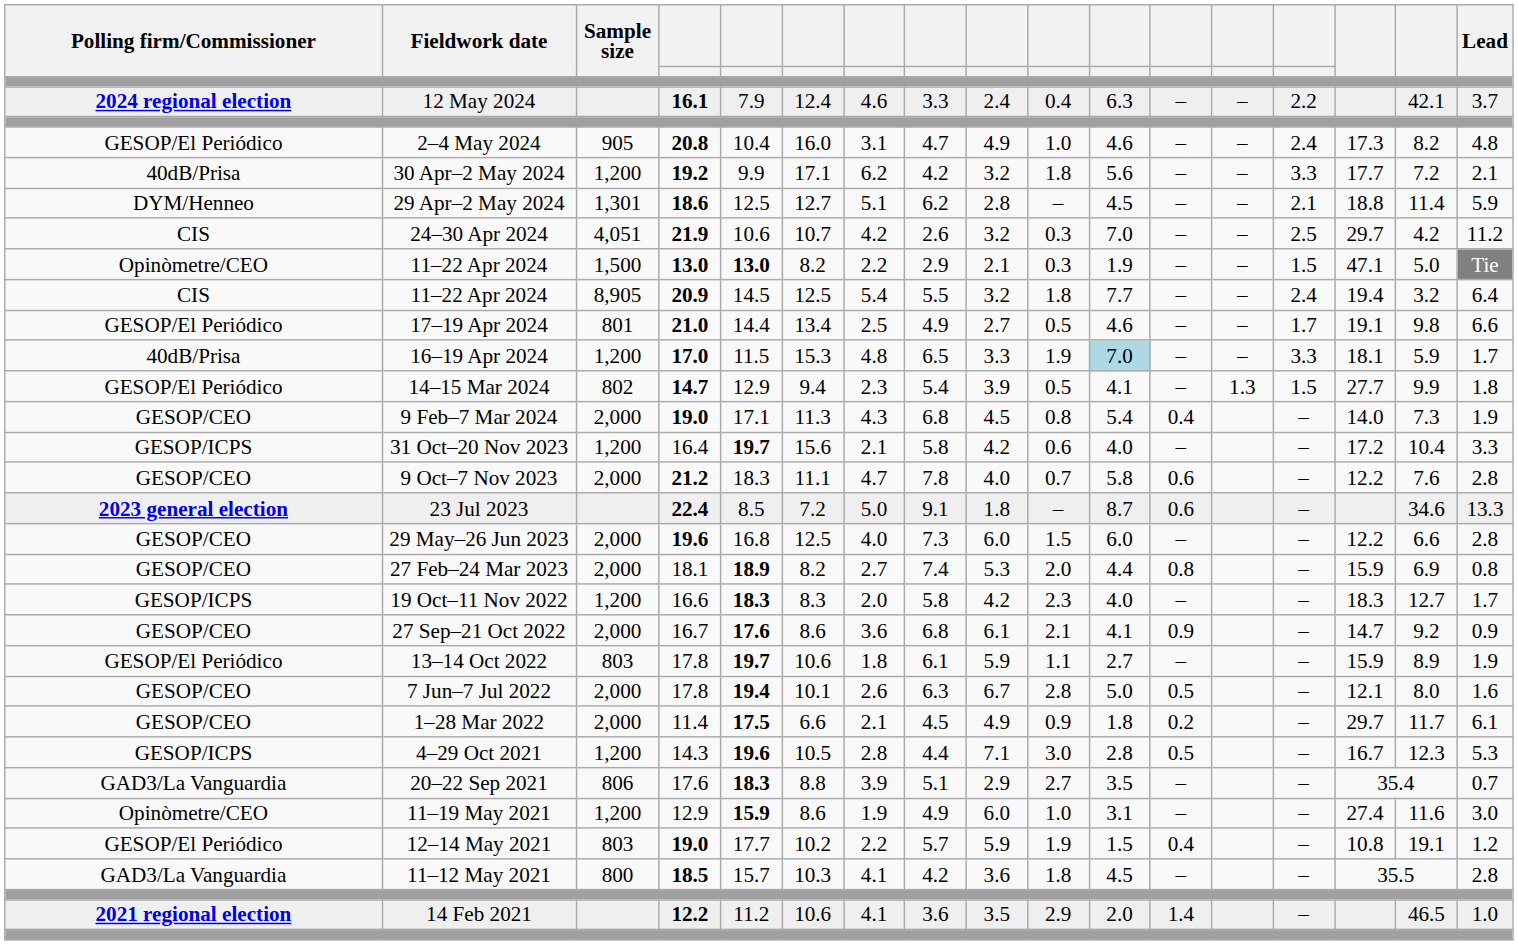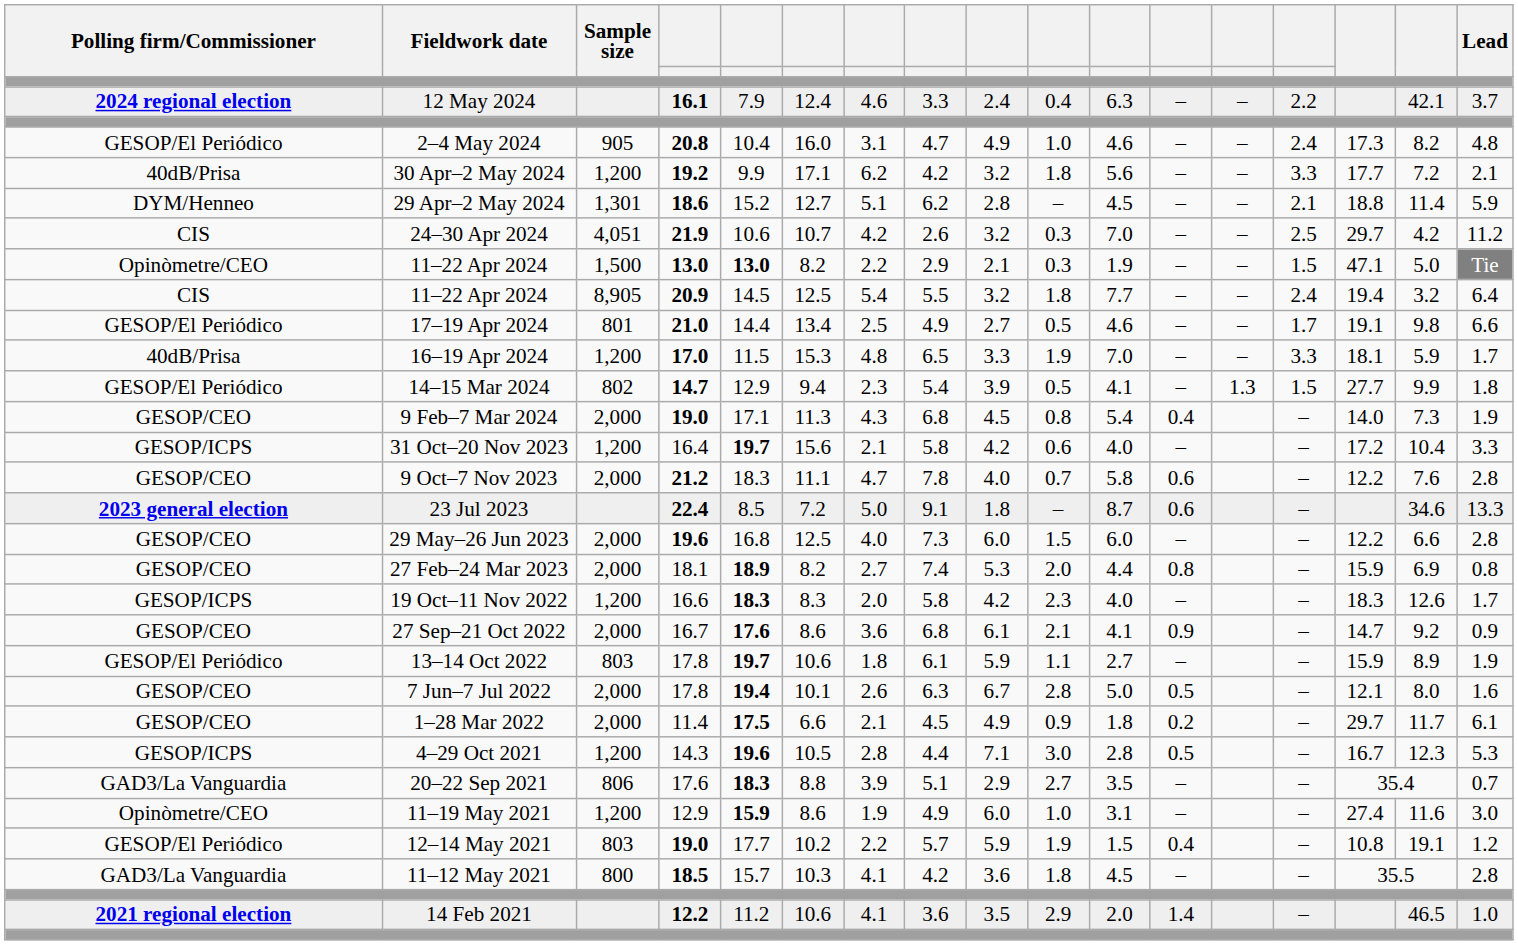 <table class="wikitable collapsible collapsed" style="text-align:center; font-size:90%; line-height:14px;">
 <tr style="height:42px;">
 <th style="width:250px;" rowspan="2">Polling firm/Commissioner</th>
 <th style="width:125px;" rowspan="2">Fieldwork date</th>
 <th style="width:50px;" rowspan="2">Sample size</th>
 <th style="width:35px;"></th>
 <th style="width:35px;"></th>
 <th style="width:35px;"></th>
 <th style="width:35px;"></th>
 <th style="width:35px;"><br></th>
 <th style="width:35px;"></th>
 <th style="width:35px;"></th>
 <th style="width:35px;"></th>
 <th style="width:35px;"></th>
 <th style="width:35px;"></th>
 <th style="width:35px;"></th>
 <th style="width:35px;" rowspan="2"></th>
 <th style="width:35px;" rowspan="2"></th>
 <th style="width:30px;" rowspan="2">Lead</th>
 </tr>
 <tr>
 <th style="color:inherit;background:"></th>
 <th style="color:inherit;background:"></th>
 <th style="color:inherit;background:"></th>
 <th style="color:inherit;background:"></th>
 <th style="color:inherit;background:"></th>
 <th style="color:inherit;background:"></th>
 <th style="color:inherit;background:"></th>
 <th style="color:inherit;background:"></th>
 <th style="color:inherit;background:"></th>
 <th style="color:inherit;background:"></th>
 <th style="color:inherit;background:"></th>
 </tr>
 <tr>
 <td colspan="17" style="background:#A0A0A0"></td>
 </tr>
 <tr style="background:#EFEFEF;">
 <td><strong><a href='#'>2024 regional election</a></strong></td>
 <td>12 May 2024</td>
 <td></td>
 <td><strong>16.1</strong></td>
 <td>7.9</td>
 <td>12.4</td>
 <td>4.6</td>
 <td>3.3</td>
 <td>2.4</td>
 <td>0.4</td>
 <td>6.3</td>
 <td>–</td>
 <td>–</td>
 <td>2.2</td>
 <td></td>
 <td>42.1</td>
 <td style="background:">3.7</td>
 </tr>
 <tr>
 <td colspan="17" style="background:#A0A0A0"></td>
 </tr>
 <tr>
 <td>GESOP/El Periódico</td>
 <td>2–4 May 2024</td>
 <td>905</td>
 <td><strong>20.8</strong></td>
 <td>10.4</td>
 <td>16.0</td>
 <td>3.1</td>
 <td>4.7</td>
 <td>4.9</td>
 <td>1.0</td>
 <td>4.6</td>
 <td>–</td>
 <td>–</td>
 <td>2.4</td>
 <td>17.3</td>
 <td>8.2</td>
 <td style="background:">4.8</td>
 </tr>
 <tr>
 <td>40dB/Prisa</td>
 <td>30 Apr–2 May 2024</td>
 <td>1,200</td>
 <td><strong>19.2</strong></td>
 <td>9.9</td>
 <td>17.1</td>
 <td>6.2</td>
 <td>4.2</td>
 <td>3.2</td>
 <td>1.8</td>
 <td>5.6</td>
 <td>–</td>
 <td>–</td>
 <td>3.3</td>
 <td>17.7</td>
 <td>7.2</td>
 <td style="background:">2.1</td>
 </tr>
 <tr>
 <td>DYM/Henneo</td>
 <td>29 Apr–2 May 2024</td>
 <td>1,301</td>
 <td><strong>18.6</strong></td>
-<td>12.5</td>
+<td>15.2</td>
 <td>12.7</td>
 <td>5.1</td>
 <td>6.2</td>
 <td>2.8</td>
 <td>–</td>
 <td>4.5</td>
 <td>–</td>
 <td>–</td>
 <td>2.1</td>
 <td>18.8</td>
 <td>11.4</td>
 <td style="background:">5.9</td>
 </tr>
 <tr>
 <td>CIS</td>
 <td>24–30 Apr 2024</td>
 <td>4,051</td>
 <td><strong>21.9</strong></td>
 <td>10.6</td>
 <td>10.7</td>
 <td>4.2</td>
 <td>2.6</td>
 <td>3.2</td>
 <td>0.3</td>
 <td>7.0</td>
 <td>–</td>
 <td>–</td>
 <td>2.5</td>
 <td>29.7</td>
 <td>4.2</td>
 <td style="background:">11.2</td>
 </tr>
 <tr>
 <td>Opinòmetre/CEO</td>
 <td>11–22 Apr 2024</td>
 <td>1,500</td>
 <td><strong>13.0</strong></td>
 <td><strong>13.0</strong></td>
 <td>8.2</td>
 <td>2.2</td>
 <td>2.9</td>
 <td>2.1</td>
 <td>0.3</td>
 <td>1.9</td>
 <td>–</td>
 <td>–</td>
 <td>1.5</td>
 <td>47.1</td>
 <td>5.0</td>
 <td style="background:gray; color:white;">Tie</td>
 </tr>
 <tr>
 <td>CIS</td>
 <td>11–22 Apr 2024</td>
 <td>8,905</td>
 <td><strong>20.9</strong></td>
 <td>14.5</td>
 <td>12.5</td>
 <td>5.4</td>
 <td>5.5</td>
 <td>3.2</td>
 <td>1.8</td>
 <td>7.7</td>
 <td>–</td>
 <td>–</td>
 <td>2.4</td>
 <td>19.4</td>
 <td>3.2</td>
 <td style="background:">6.4</td>
 </tr>
 <tr>
 <td>GESOP/El Periódico</td>
 <td>17–19 Apr 2024</td>
 <td>801</td>
 <td><strong>21.0</strong></td>
 <td>14.4</td>
 <td>13.4</td>
 <td>2.5</td>
 <td>4.9</td>
 <td>2.7</td>
 <td>0.5</td>
 <td>4.6</td>
 <td>–</td>
 <td>–</td>
 <td>1.7</td>
 <td>19.1</td>
 <td>9.8</td>
 <td style="background:">6.6</td>
 </tr>
 <tr>
 <td>40dB/Prisa</td>
 <td>16–19 Apr 2024</td>
 <td>1,200</td>
 <td><strong>17.0</strong></td>
 <td>11.5</td>
 <td>15.3</td>
 <td>4.8</td>
 <td>6.5</td>
 <td>3.3</td>
 <td>1.9</td>
-<td style="background: lightblue;">7.0</td>
+<td>7.0</td>
 <td>–</td>
 <td>–</td>
 <td>3.3</td>
 <td>18.1</td>
 <td>5.9</td>
 <td style="background:">1.7</td>
 </tr>
 <tr>
 <td>GESOP/El Periódico</td>
 <td>14–15 Mar 2024</td>
 <td>802</td>
 <td><strong>14.7</strong></td>
 <td>12.9</td>
 <td>9.4</td>
 <td>2.3</td>
 <td>5.4</td>
 <td>3.9</td>
 <td>0.5</td>
 <td>4.1</td>
 <td>–</td>
 <td>1.3</td>
 <td>1.5</td>
 <td>27.7</td>
 <td>9.9</td>
 <td style="background:">1.8</td>
 </tr>
 <tr>
 <td>GESOP/CEO</td>
 <td>9 Feb–7 Mar 2024</td>
 <td>2,000</td>
 <td><strong>19.0</strong></td>
 <td>17.1</td>
 <td>11.3</td>
 <td>4.3</td>
 <td>6.8</td>
 <td>4.5</td>
 <td>0.8</td>
 <td>5.4</td>
 <td>0.4</td>
 <td></td>
 <td>–</td>
 <td>14.0</td>
 <td>7.3</td>
 <td style="background:">1.9</td>
 </tr>
 <tr>
 <td>GESOP/ICPS</td>
 <td>31 Oct–20 Nov 2023</td>
 <td>1,200</td>
 <td>16.4</td>
 <td><strong>19.7</strong></td>
 <td>15.6</td>
 <td>2.1</td>
 <td>5.8</td>
 <td>4.2</td>
 <td>0.6</td>
 <td>4.0</td>
 <td>–</td>
 <td></td>
 <td>–</td>
 <td>17.2</td>
 <td>10.4</td>
 <td style="background:">3.3</td>
 </tr>
 <tr>
 <td>GESOP/CEO</td>
 <td>9 Oct–7 Nov 2023</td>
 <td>2,000</td>
 <td><strong>21.2</strong></td>
 <td>18.3</td>
 <td>11.1</td>
 <td>4.7</td>
 <td>7.8</td>
 <td>4.0</td>
 <td>0.7</td>
 <td>5.8</td>
 <td>0.6</td>
 <td></td>
 <td>–</td>
 <td>12.2</td>
 <td>7.6</td>
 <td style="background:">2.8</td>
 </tr>
 <tr style="background:#EFEFEF;">
 <td><strong><a href='#'>2023 general election</a></strong></td>
 <td>23 Jul 2023</td>
 <td></td>
 <td><strong>22.4</strong></td>
 <td>8.5</td>
 <td>7.2</td>
 <td>5.0</td>
 <td>9.1</td>
 <td>1.8</td>
 <td>–</td>
 <td>8.7</td>
 <td>0.6</td>
 <td></td>
 <td>–</td>
 <td></td>
 <td>34.6</td>
 <td style="background:">13.3</td>
 </tr>
 <tr>
 <td>GESOP/CEO</td>
 <td>29 May–26 Jun 2023</td>
 <td>2,000</td>
 <td><strong>19.6</strong></td>
 <td>16.8</td>
 <td>12.5</td>
 <td>4.0</td>
 <td>7.3</td>
 <td>6.0</td>
 <td>1.5</td>
 <td>6.0</td>
 <td>–</td>
 <td></td>
 <td>–</td>
 <td>12.2</td>
 <td>6.6</td>
 <td style="background:">2.8</td>
 </tr>
 <tr>
 <td>GESOP/CEO</td>
 <td>27 Feb–24 Mar 2023</td>
 <td>2,000</td>
 <td>18.1</td>
 <td><strong>18.9</strong></td>
 <td>8.2</td>
 <td>2.7</td>
 <td>7.4</td>
 <td>5.3</td>
 <td>2.0</td>
 <td>4.4</td>
 <td>0.8</td>
 <td></td>
 <td>–</td>
 <td>15.9</td>
 <td>6.9</td>
 <td style="background:">0.8</td>
 </tr>
 <tr>
 <td>GESOP/ICPS</td>
 <td>19 Oct–11 Nov 2022</td>
 <td>1,200</td>
 <td>16.6</td>
 <td><strong>18.3</strong></td>
 <td>8.3</td>
 <td>2.0</td>
 <td>5.8</td>
 <td>4.2</td>
 <td>2.3</td>
 <td>4.0</td>
 <td>–</td>
 <td></td>
 <td>–</td>
 <td>18.3</td>
-<td>12.7</td>
+<td>12.6</td>
 <td style="background:">1.7</td>
 </tr>
 <tr>
 <td>GESOP/CEO</td>
 <td>27 Sep–21 Oct 2022</td>
 <td>2,000</td>
 <td>16.7</td>
 <td><strong>17.6</strong></td>
 <td>8.6</td>
 <td>3.6</td>
 <td>6.8</td>
 <td>6.1</td>
 <td>2.1</td>
 <td>4.1</td>
 <td>0.9</td>
 <td></td>
 <td>–</td>
 <td>14.7</td>
 <td>9.2</td>
 <td style="background:">0.9</td>
 </tr>
 <tr>
 <td>GESOP/El Periódico</td>
 <td>13–14 Oct 2022</td>
 <td>803</td>
 <td>17.8</td>
 <td><strong>19.7</strong></td>
 <td>10.6</td>
 <td>1.8</td>
 <td>6.1</td>
 <td>5.9</td>
 <td>1.1</td>
 <td>2.7</td>
 <td>–</td>
 <td></td>
 <td>–</td>
 <td>15.9</td>
 <td>8.9</td>
 <td style="background:">1.9</td>
 </tr>
 <tr>
 <td>GESOP/CEO</td>
 <td>7 Jun–7 Jul 2022</td>
 <td>2,000</td>
 <td>17.8</td>
 <td><strong>19.4</strong></td>
 <td>10.1</td>
 <td>2.6</td>
 <td>6.3</td>
 <td>6.7</td>
 <td>2.8</td>
 <td>5.0</td>
 <td>0.5</td>
 <td></td>
 <td>–</td>
 <td>12.1</td>
 <td>8.0</td>
 <td style="background:">1.6</td>
 </tr>
 <tr>
 <td>GESOP/CEO</td>
 <td>1–28 Mar 2022</td>
 <td>2,000</td>
 <td>11.4</td>
 <td><strong>17.5</strong></td>
 <td>6.6</td>
 <td>2.1</td>
 <td>4.5</td>
 <td>4.9</td>
 <td>0.9</td>
 <td>1.8</td>
 <td>0.2</td>
 <td></td>
 <td>–</td>
 <td>29.7</td>
 <td>11.7</td>
 <td style="background:">6.1</td>
 </tr>
 <tr>
 <td>GESOP/ICPS</td>
 <td>4–29 Oct 2021</td>
 <td>1,200</td>
 <td>14.3</td>
 <td><strong>19.6</strong></td>
 <td>10.5</td>
 <td>2.8</td>
 <td>4.4</td>
 <td>7.1</td>
 <td>3.0</td>
 <td>2.8</td>
 <td>0.5</td>
 <td></td>
 <td>–</td>
 <td>16.7</td>
 <td>12.3</td>
 <td style="background:">5.3</td>
 </tr>
 <tr>
 <td>GAD3/La Vanguardia</td>
 <td>20–22 Sep 2021</td>
 <td>806</td>
 <td>17.6</td>
 <td><strong>18.3</strong></td>
 <td>8.8</td>
 <td>3.9</td>
 <td>5.1</td>
 <td>2.9</td>
 <td>2.7</td>
 <td>3.5</td>
 <td>–</td>
 <td></td>
 <td>–</td>
 <td colspan="2">35.4</td>
 <td style="background:">0.7</td>
 </tr>
 <tr>
 <td>Opinòmetre/CEO</td>
 <td>11–19 May 2021</td>
 <td>1,200</td>
 <td>12.9</td>
 <td><strong>15.9</strong></td>
 <td>8.6</td>
 <td>1.9</td>
 <td>4.9</td>
 <td>6.0</td>
 <td>1.0</td>
 <td>3.1</td>
 <td>–</td>
 <td></td>
 <td>–</td>
 <td>27.4</td>
 <td>11.6</td>
 <td style="background:">3.0</td>
 </tr>
 <tr>
 <td>GESOP/El Periódico</td>
 <td>12–14 May 2021</td>
 <td>803</td>
 <td><strong>19.0</strong></td>
 <td>17.7</td>
 <td>10.2</td>
 <td>2.2</td>
 <td>5.7</td>
 <td>5.9</td>
 <td>1.9</td>
 <td>1.5</td>
 <td>0.4</td>
 <td></td>
 <td>–</td>
 <td>10.8</td>
 <td>19.1</td>
 <td style="background:">1.2</td>
 </tr>
 <tr>
 <td>GAD3/La Vanguardia</td>
 <td>11–12 May 2021</td>
 <td>800</td>
 <td><strong>18.5</strong></td>
 <td>15.7</td>
 <td>10.3</td>
 <td>4.1</td>
 <td>4.2</td>
 <td>3.6</td>
 <td>1.8</td>
 <td>4.5</td>
 <td>–</td>
 <td></td>
 <td>–</td>
 <td colspan="2">35.5</td>
 <td style="background:">2.8</td>
 </tr>
 <tr>
 <td colspan="17" style="background:#A0A0A0"></td>
 </tr>
 <tr style="background:#EFEFEF;">
 <td><strong><a href='#'>2021 regional election</a></strong></td>
 <td>14 Feb 2021</td>
 <td></td>
 <td><strong>12.2</strong></td>
 <td>11.2</td>
 <td>10.6</td>
 <td>4.1</td>
 <td>3.6</td>
 <td>3.5</td>
 <td>2.9</td>
 <td>2.0</td>
 <td>1.4</td>
 <td></td>
 <td>–</td>
 <td></td>
 <td>46.5</td>
 <td style="background:">1.0</td>
 </tr>
 <tr>
 <td colspan="17" style="background:#A0A0A0"></td>
 </tr>
 </table>
